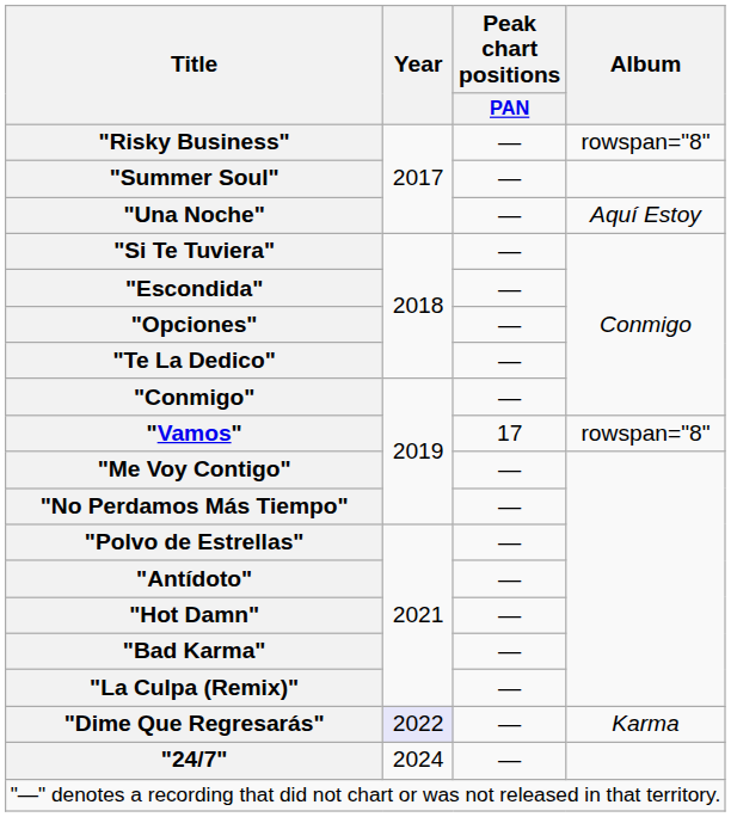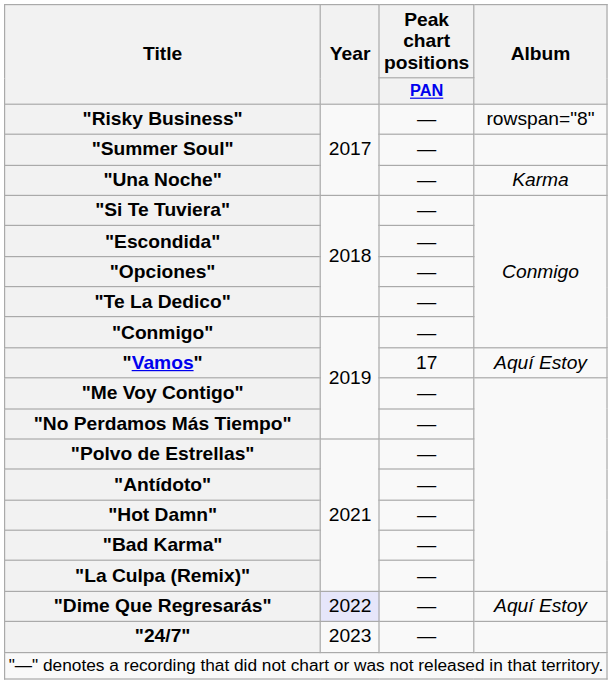 <table class="wikitable plainrowheaders" style="text-align:center;">
 <tr>
 <th scope="col" style="width:16em;" rowspan="2">Title</th>
 <th scope="col" rowspan="2">Year</th>
 <th scope="col" colspan="1">Peak chart positions</th>
 <th scope="col" rowspan="2">Album</th>
 </tr>
 <tr>
 <th scope="col" style="width:3em;font-size:85%;"><a href='#'>PAN</a><br></th>
 </tr>
 <tr>
 <th scope="row">"Risky Business"</th>
 <td rowspan="3">2017</td>
 <td>—</td>
 <td>rowspan="8" </td>
 </tr>
 <tr>
 <th scope="row">"Summer Soul"</th>
 <td>—</td>
 </tr>
 <tr>
 <th scope="row">"Una Noche"<br></th>
 <td>—</td>
-<td><em>Aquí Estoy</em></td>
+<td><em>Karma</em></td>
 </tr>
 <tr>
 <th scope="row">"Si Te Tuviera"</th>
 <td rowspan="4">2018</td>
 <td>—</td>
 <td rowspan="5"><em>Conmigo</em></td>
 </tr>
 <tr>
 <th scope="row">"Escondida"</th>
 <td>—</td>
 </tr>
 <tr>
 <th scope="row">"Opciones"</th>
 <td>—</td>
 </tr>
 <tr>
 <th scope="row">"Te La Dedico"</th>
 <td>—</td>
 </tr>
 <tr>
 <th scope="row">"Conmigo"</th>
 <td rowspan="4">2019</td>
 <td>—</td>
 </tr>
 <tr>
 <th scope="row">"<a href='#'>Vamos</a>"</th>
 <td>17</td>
-<td>rowspan="8" </td>
+<td><em>Aquí Estoy</em></td>
 </tr>
 <tr>
 <th scope="row">"Me Voy Contigo"</th>
 <td>—</td>
 </tr>
 <tr>
 <th scope="row">"No Perdamos Más Tiempo"<br></th>
 <td>—</td>
 </tr>
 <tr>
 <th scope="row">"Polvo de Estrellas"<br></th>
 <td rowspan="5">2021</td>
 <td>—</td>
 </tr>
 <tr>
 <th scope="row">"Antídoto"<br></th>
 <td>—</td>
 </tr>
 <tr>
 <th scope="row">"Hot Damn"</th>
 <td>—</td>
 </tr>
 <tr>
 <th scope="row">"Bad Karma"</th>
 <td>—</td>
 </tr>
 <tr>
 <th scope="row">"La Culpa (Remix)"<br></th>
 <td>—</td>
 </tr>
 <tr>
 <th scope="row">"Dime Que Regresarás"<br></th>
 <td style="background: lavender;">2022</td>
 <td>—</td>
-<td><em>Karma</em></td>
+<td><em>Aquí Estoy</em></td>
 </tr>
 <tr>
 <th scope="row">"24/7"<br></th>
-<td>2024</td>
+<td>2023</td>
 <td>—</td>
 <td></td>
 </tr>
 <tr>
 <td colspan="15" style="font-size:90%">"—" denotes a recording that did not chart or was not released in that territory.</td>
 </tr>
 </table>
